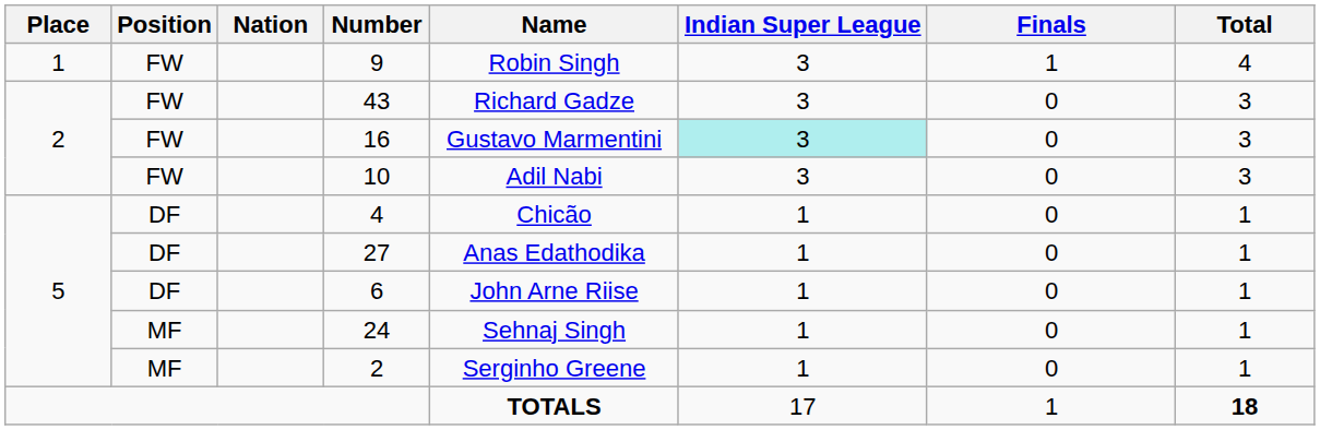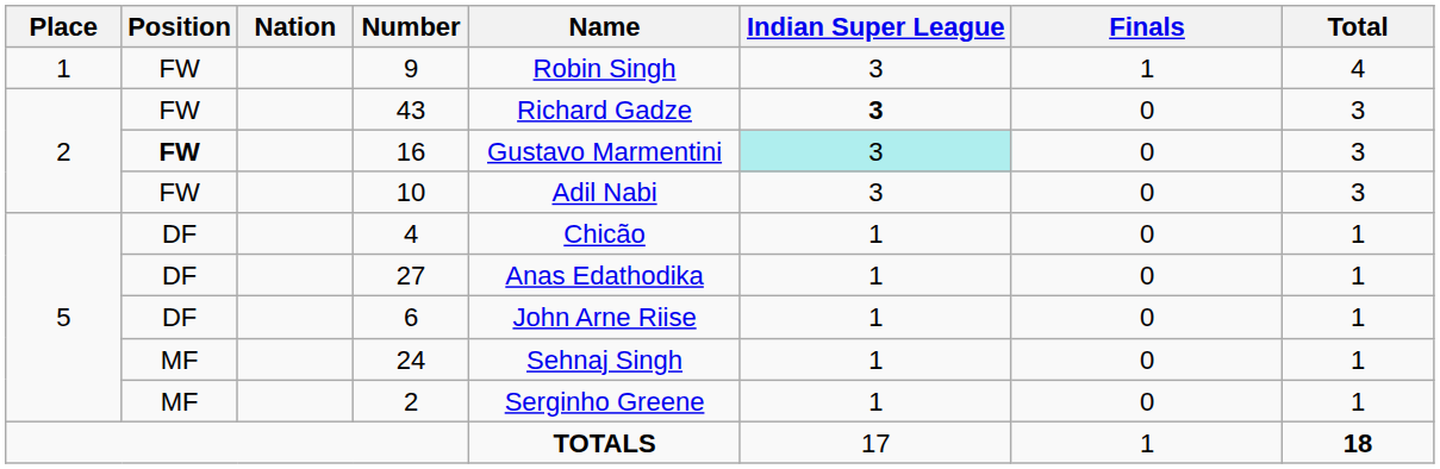 <table class="wikitable" style="font-size: 95%; text-align: center;">
 <tr>
 <th width=60>Place</th>
 <th width=60>Position</th>
 <th width=60>Nation</th>
 <th width=60>Number</th>
 <th width=150>Name</th>
 <th width=150><a href='#'>Indian Super League</a></th>
 <th width=150><a href='#'>Finals</a></th>
 <th width=80><strong>Total</strong></th>
 </tr>
 <tr>
 <td>1</td>
 <td>FW</td>
 <td></td>
 <td>9</td>
 <td><a href='#'>Robin Singh</a></td>
 <td>3</td>
 <td>1</td>
 <td>4</td>
 </tr>
 <tr>
 <td rowspan=3>2</td>
 <td>FW</td>
 <td></td>
 <td>43</td>
 <td><a href='#'>Richard Gadze</a></td>
-<td>3</td>
+<td><strong>3</strong></td>
 <td>0</td>
 <td>3</td>
 </tr>
 <tr>
-<td>FW</td>
+<td><strong>FW</strong></td>
 <td></td>
 <td>16</td>
 <td><a href='#'>Gustavo Marmentini</a></td>
 <td style="background: paleturquoise;">3</td>
 <td>0</td>
 <td>3</td>
 </tr>
 <tr>
 <td>FW</td>
 <td></td>
 <td>10</td>
 <td><a href='#'>Adil Nabi</a></td>
 <td>3</td>
 <td>0</td>
 <td>3</td>
 </tr>
 <tr>
 <td rowspan=5>5</td>
 <td>DF</td>
 <td></td>
 <td>4</td>
 <td><a href='#'>Chicão</a></td>
 <td>1</td>
 <td>0</td>
 <td>1</td>
 </tr>
 <tr>
 <td>DF</td>
 <td></td>
 <td>27</td>
 <td><a href='#'>Anas Edathodika</a></td>
 <td>1</td>
 <td>0</td>
 <td>1</td>
 </tr>
 <tr>
 <td>DF</td>
 <td></td>
 <td>6</td>
 <td><a href='#'>John Arne Riise</a></td>
 <td>1</td>
 <td>0</td>
 <td>1</td>
 </tr>
 <tr>
 <td>MF</td>
 <td></td>
 <td>24</td>
 <td><a href='#'>Sehnaj Singh</a></td>
 <td>1</td>
 <td>0</td>
 <td>1</td>
 </tr>
 <tr>
 <td>MF</td>
 <td></td>
 <td>2</td>
 <td><a href='#'>Serginho Greene</a></td>
 <td>1</td>
 <td>0</td>
 <td>1</td>
 </tr>
 <tr>
 <td colspan=4></td>
 <td><strong>TOTALS</strong></td>
 <td>17</td>
 <td>1</td>
 <td><strong>18</strong></td>
 </tr>
 </table>
